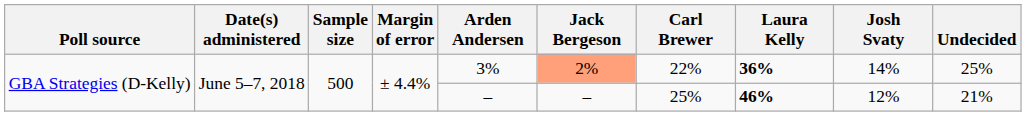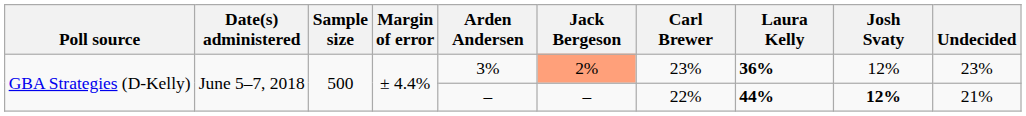 <table class="wikitable" style="font-size:90%">
 <tr valign=bottom>
 <th>Poll source</th>
 <th>Date(s)<br>administered</th>
 <th>Sample<br>size</th>
 <th>Margin<br>of error</th>
 <th style="width:75px;">Arden<br>Andersen</th>
 <th style="width:75px;">Jack<br>Bergeson</th>
 <th style="width:75px;">Carl<br>Brewer</th>
 <th style="width:75px;">Laura<br>Kelly</th>
 <th style="width:75px;">Josh<br>Svaty</th>
 <th>Undecided</th>
 </tr>
 <tr>
 <td rowspan=2><a href='#'>GBA Strategies</a> (D-Kelly)</td>
 <td style="text-align:center;" rowspan="2">June 5–7, 2018</td>
 <td style="text-align:center;" rowspan="2">500</td>
 <td style="text-align:center;" rowspan="2">± 4.4%</td>
 <td align=center>3%</td>
 <td align=center style="background: lightsalmon;">2%</td>
-<td align=center>22%</td>
+<td align=center>23%</td>
 <td><strong>36%</strong></td>
-<td align=center>14%</td>
-<td align=center>25%</td>
+<td align=center>12%</td>
+<td align=center>23%</td>
 </tr>
 <tr>
 <td align=center>–</td>
 <td align=center>–</td>
-<td align=center>25%</td>
-<td><strong>46%</strong></td>
-<td align=center>12%</td>
+<td align=center>22%</td>
+<td><strong>44%</strong></td>
+<td align=center><strong>12%</strong></td>
 <td align=center>21%</td>
 </tr>
 </table>
